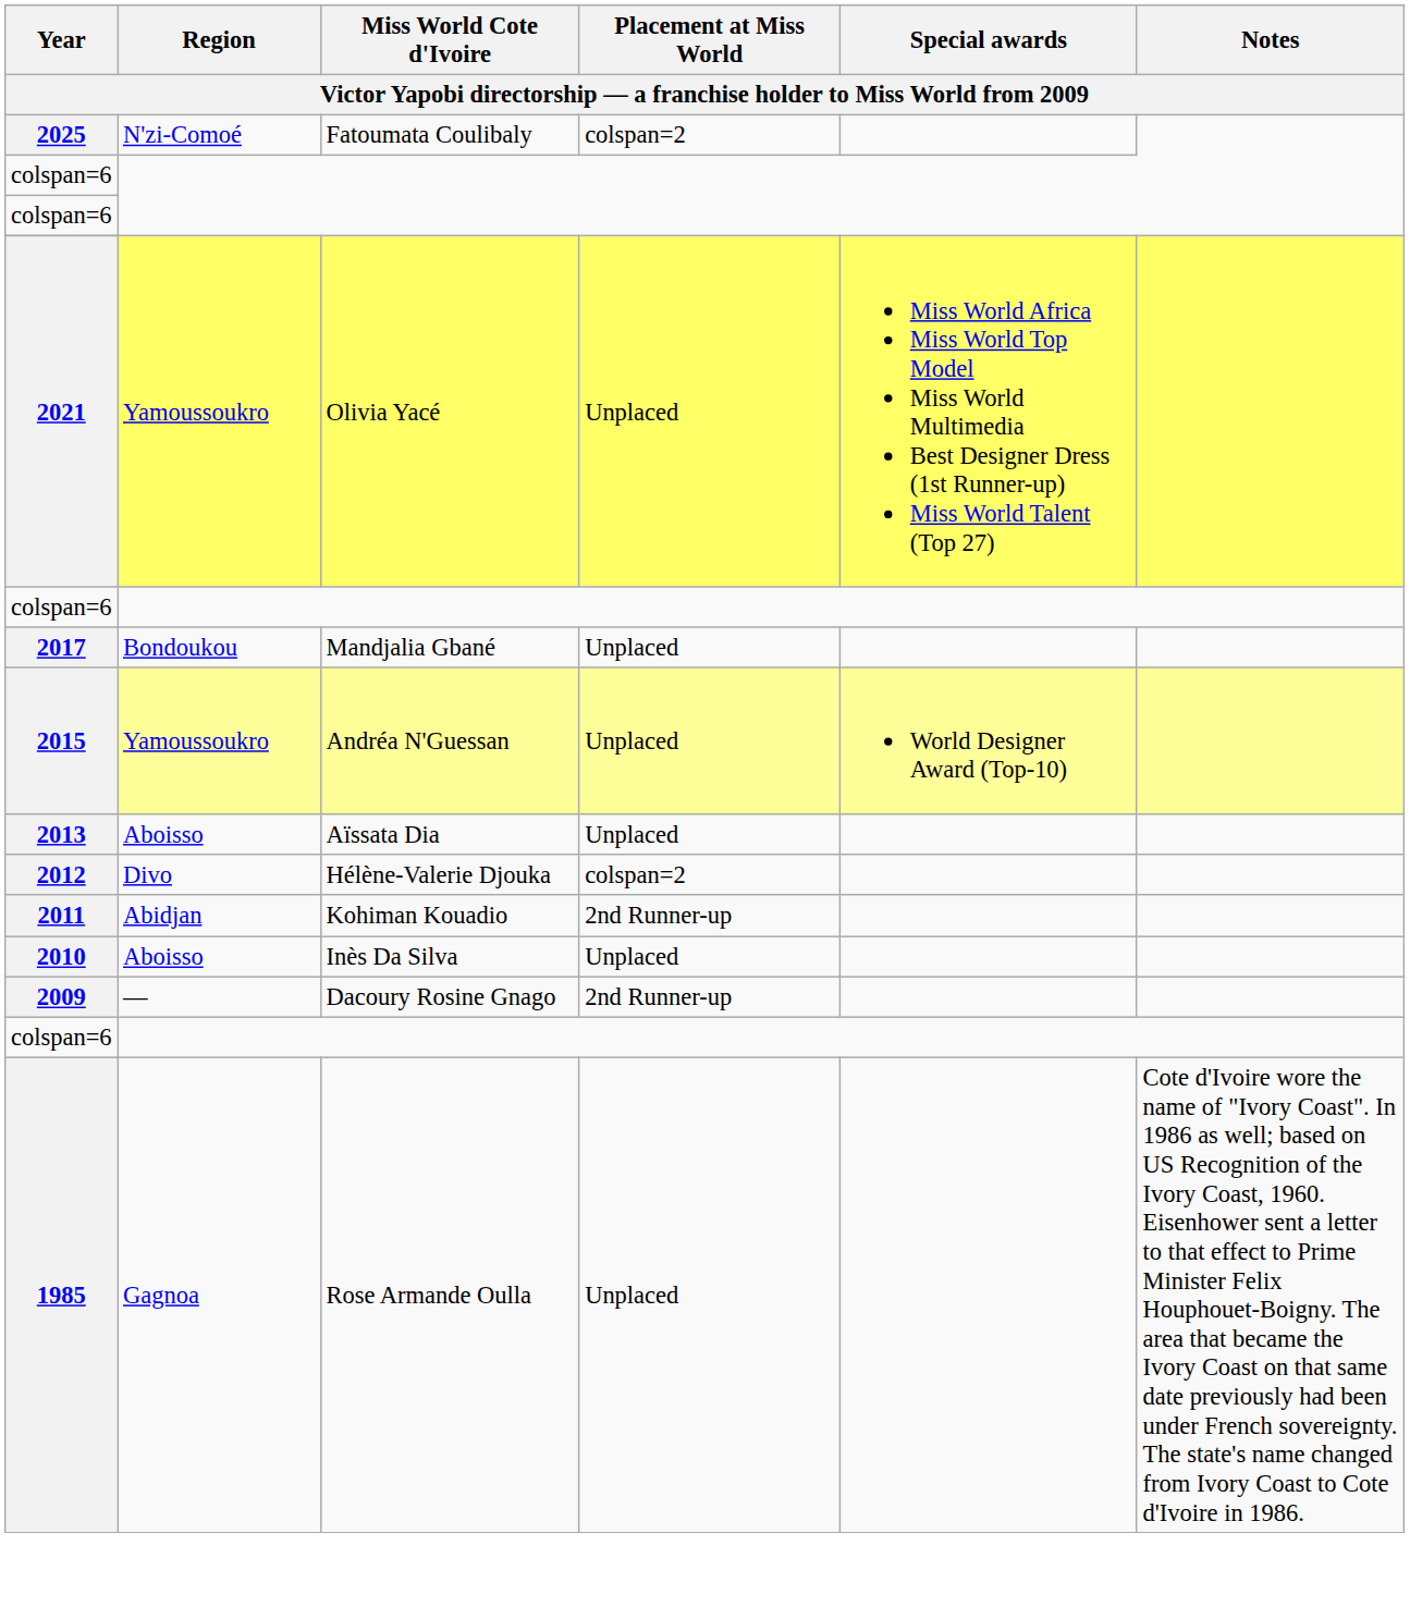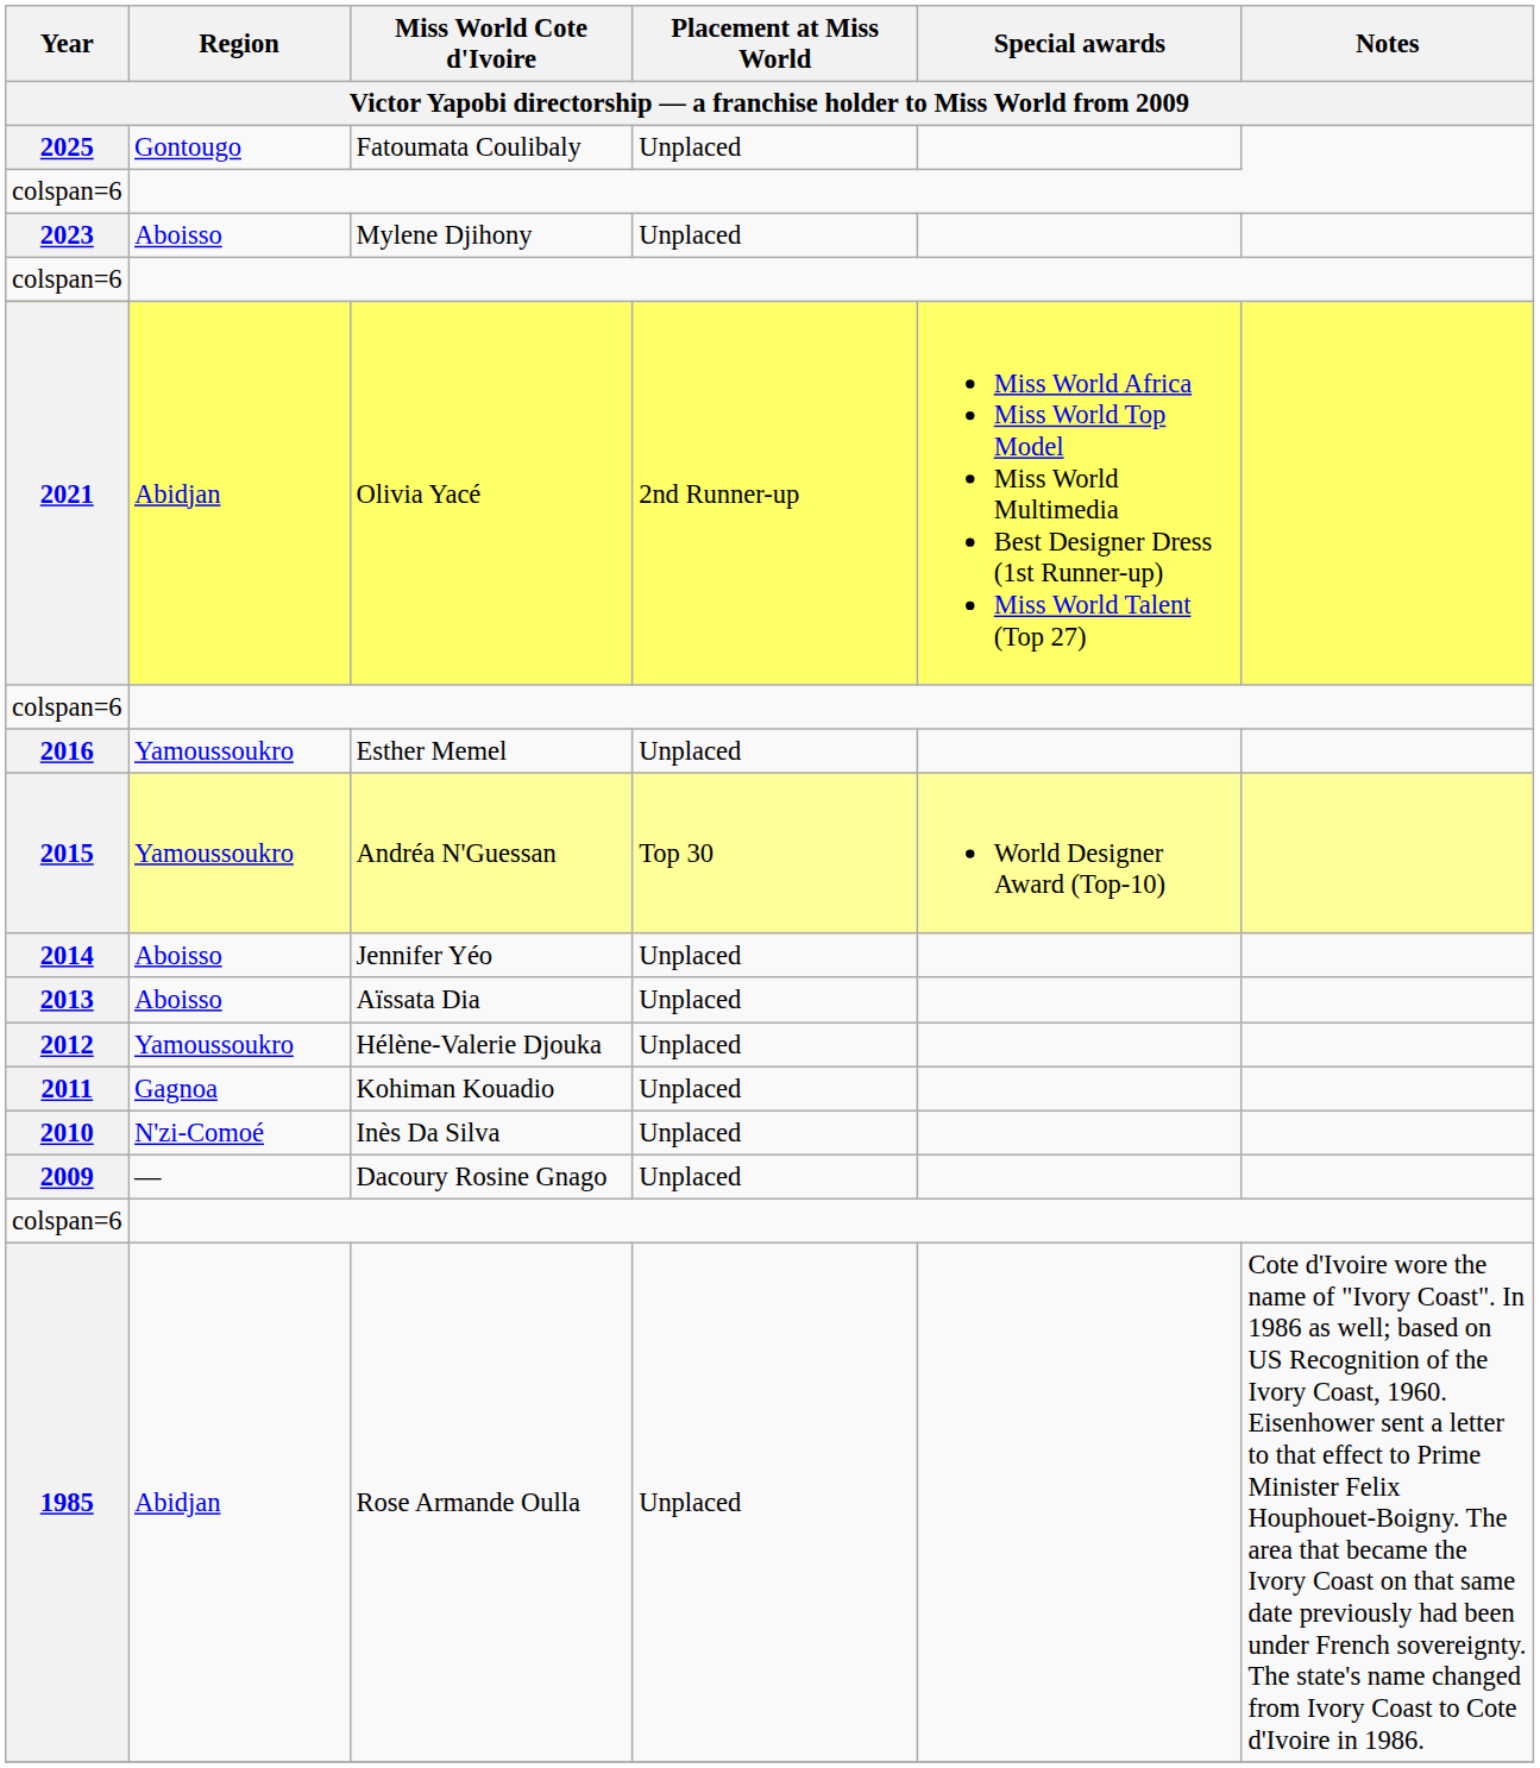 <table class="wikitable " style="font-size: 95%;">
 <tr>
 <th width="60">Year</th>
 <th width="150">Region</th>
 <th width="250">Miss World Cote d'Ivoire</th>
 <th width="250">Placement at Miss World</th>
 <th width="250">Special awards</th>
 <th width="250">Notes</th>
 </tr>
 <tr>
 <th colspan="6">Victor Yapobi directorship — a franchise holder to Miss World from 2009</th>
 </tr>
 <tr>
 <th><a href='#'>2025</a></th>
-<td><a href='#'>N'zi-Comoé</a></td>
+<td><a href='#'>Gontougo</a></td>
 <td>Fatoumata Coulibaly</td>
-<td>colspan=2 </td>
+<td>Unplaced</td>
 <td></td>
 </tr>
 <tr>
 <td>colspan=6 </td>
+</tr>
+<tr>
+<th><a href='#'>2023</a></th>
+<td><a href='#'>Aboisso</a></td>
+<td>Mylene Djihony</td>
+<td>Unplaced</td>
+<td></td>
+<td></td>
 </tr>
 <tr>
 <td>colspan=6 </td>
 </tr>
 <tr>
 </tr>
 <tr style="background-color:#FFFF66;">
 <th><a href='#'>2021</a></th>
-<td><a href='#'>Yamoussoukro</a></td>
+<td><a href='#'>Abidjan</a></td>
 <td>Olivia Yacé</td>
-<td>Unplaced</td>
+<td>2nd Runner-up</td>
 <td><br><ul><li><a href='#'>Miss World Africa</a></li><li><a href='#'>Miss World Top Model</a></li><li>Miss World Multimedia</li><li>Best Designer Dress (1st Runner-up)</li><li><a href='#'>Miss World Talent</a> (Top 27)</li></ul></td>
 <td></td>
 </tr>
 <tr>
 <td>colspan=6 </td>
 </tr>
 <tr>
-<th><a href='#'>2017</a></th>
-<td><a href='#'>Bondoukou</a></td>
-<td>Mandjalia Gbané</td>
+<th><a href='#'>2016</a></th>
+<td><a href='#'>Yamoussoukro</a></td>
+<td>Esther Memel</td>
 <td>Unplaced</td>
 <td></td>
 <td></td>
 </tr>
 <tr style="background-color:#FFFF99;">
 <th><a href='#'>2015</a></th>
 <td><a href='#'>Yamoussoukro</a></td>
 <td>Andréa N'Guessan</td>
+<td>Top 30</td>
+<td><br><ul><li>World Designer Award (Top-10)</li></ul></td>
+<td></td>
+</tr>
+<tr>
+<th><a href='#'>2014</a></th>
+<td><a href='#'>Aboisso</a></td>
+<td>Jennifer Yéo</td>
 <td>Unplaced</td>
-<td><br><ul><li>World Designer Award (Top-10)</li></ul></td>
+<td></td>
 <td></td>
 </tr>
 <tr>
 <th><a href='#'>2013</a></th>
 <td><a href='#'>Aboisso</a></td>
 <td>Aïssata Dia</td>
 <td>Unplaced</td>
 <td></td>
 <td></td>
 </tr>
 <tr>
 <th><a href='#'>2012</a></th>
-<td><a href='#'>Divo</a></td>
+<td><a href='#'>Yamoussoukro</a></td>
 <td>Hélène-Valerie Djouka</td>
-<td>colspan=2 </td>
+<td>Unplaced</td>
 <td></td>
 <td></td>
 </tr>
 <tr>
 <th><a href='#'>2011</a></th>
-<td><a href='#'>Abidjan</a></td>
+<td><a href='#'>Gagnoa</a></td>
 <td>Kohiman Kouadio</td>
-<td>2nd Runner-up</td>
+<td>Unplaced</td>
 <td></td>
 <td></td>
 </tr>
 <tr>
 <th><a href='#'>2010</a></th>
-<td><a href='#'>Aboisso</a></td>
+<td><a href='#'>N'zi-Comoé</a></td>
 <td>Inès Da Silva</td>
 <td>Unplaced</td>
 <td></td>
 <td></td>
 </tr>
 <tr>
 <th><a href='#'>2009</a></th>
 <td>—</td>
 <td>Dacoury Rosine Gnago</td>
-<td>2nd Runner-up</td>
+<td>Unplaced</td>
 <td></td>
 <td></td>
 </tr>
 <tr>
 <td>colspan=6 </td>
 </tr>
 <tr>
 <th><a href='#'>1985</a></th>
-<td><a href='#'>Gagnoa</a></td>
+<td><a href='#'>Abidjan</a></td>
 <td>Rose Armande Oulla</td>
 <td>Unplaced</td>
 <td></td>
 <td>Cote d'Ivoire wore the name of "Ivory Coast". In 1986 as well; based on US Recognition of the Ivory Coast, 1960. Eisenhower sent a letter to that effect to Prime Minister Felix Houphouet-Boigny. The area that became the Ivory Coast on that same date previously had been under French sovereignty. The state's name changed from Ivory Coast to Cote d'Ivoire in 1986.</td>
 </tr>
 <tr>
 </tr>
 </table>
